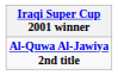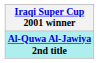 <table class="wikitable" style="text-align: center; margin: 0 auto;">
 <tr>
 <th><a href='#'>Iraqi Super Cup</a><br>2001 winner</th>
 </tr>
 <tr>
-<td><strong><a href='#'>Al-Quwa Al-Jawiya</a></strong><br><strong>2nd title</strong></td>
+<td style="background: paleturquoise;"><strong><a href='#'>Al-Quwa Al-Jawiya</a></strong><br><strong>2nd title</strong></td>
 </tr>
 </table>
